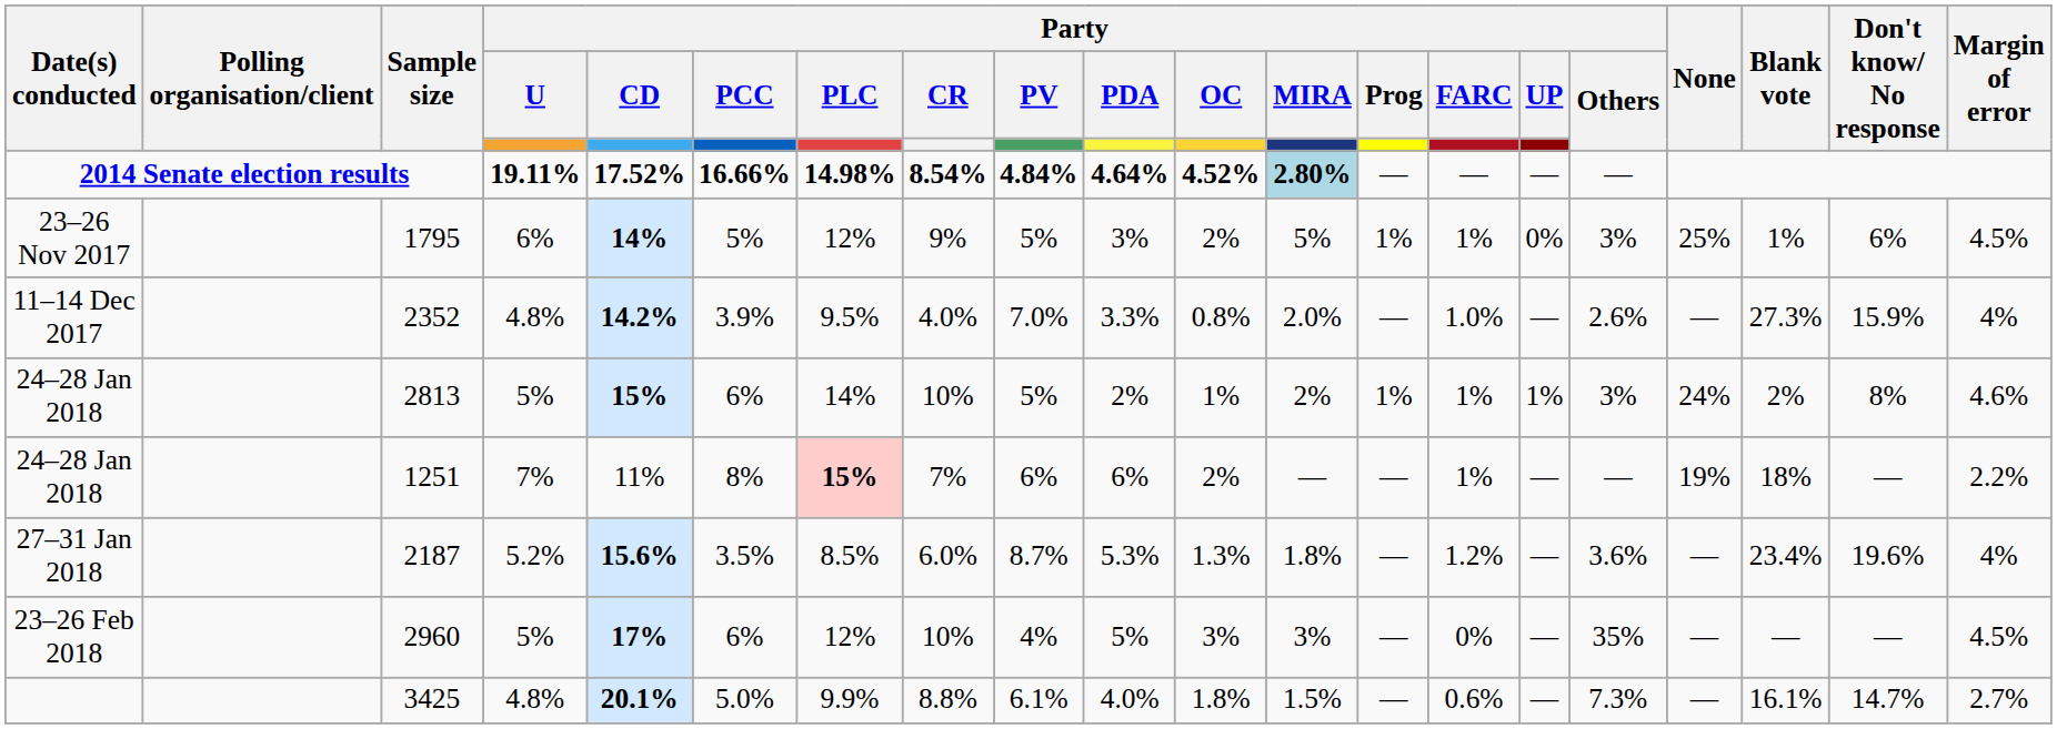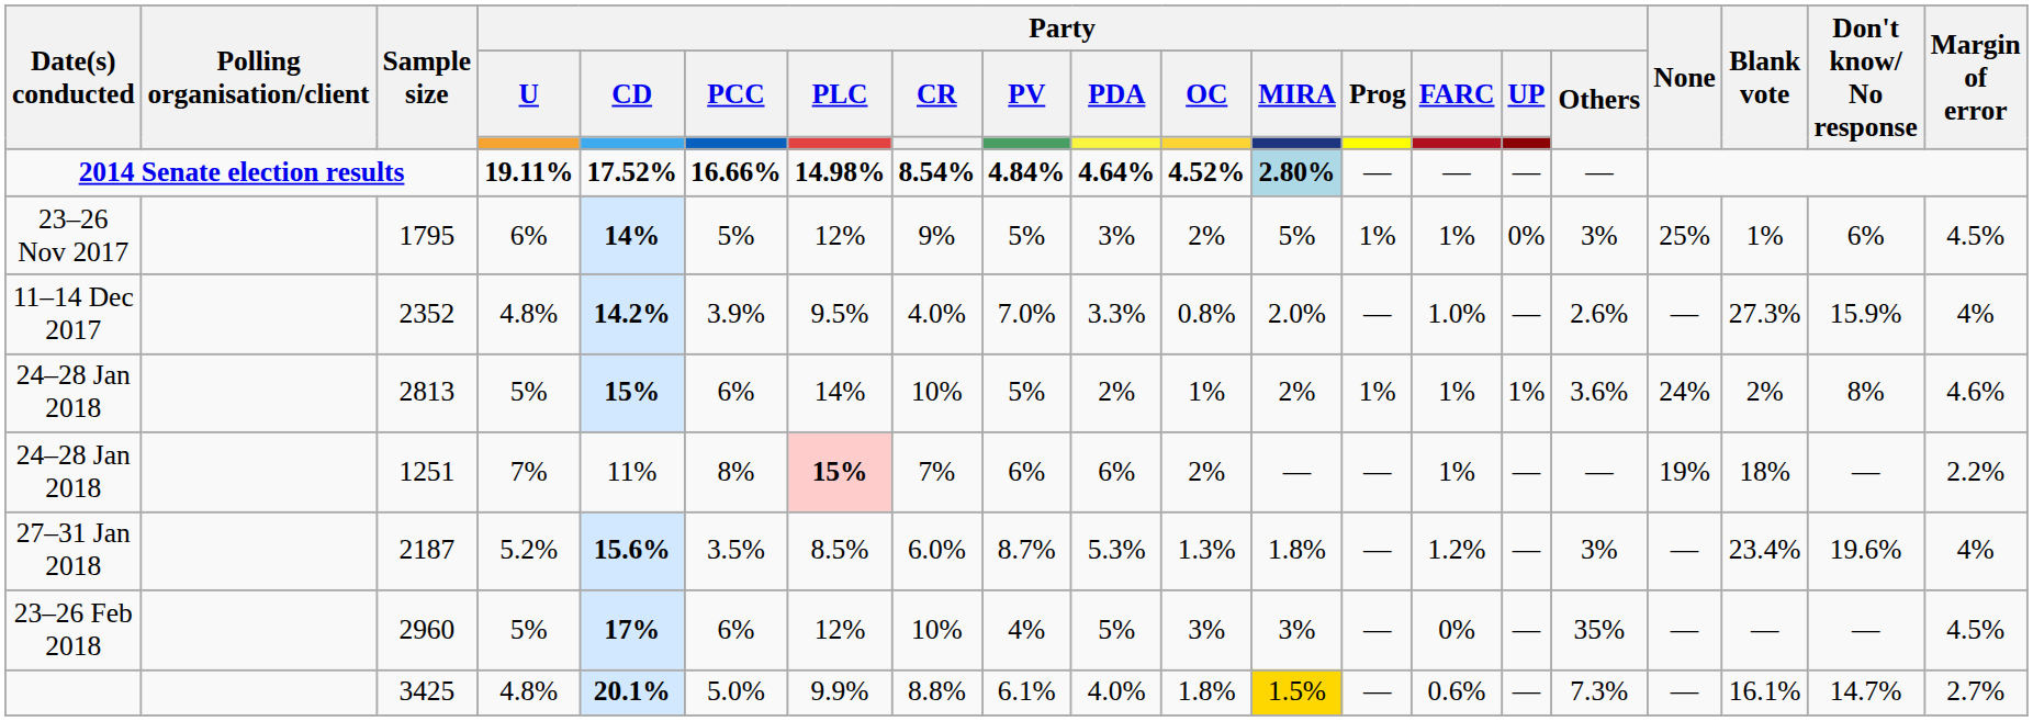 <table class="wikitable" style="text-align:center; font-size:85%">
 <tr>
 <th rowspan=3>Date(s) conducted</th>
 <th rowspan=3>Polling organisation/client</th>
 <th rowspan=3>Sample size</th>
 <th colspan=13>Party</th>
 <th rowspan=3>None</th>
 <th rowspan=3>Blank vote</th>
 <th rowspan=3>Don't know/<br>No response</th>
 <th rowspan=3>Margin of error</th>
 </tr>
 <tr>
 <th width=40><a href='#'>U</a></th>
 <th width=40><a href='#'>CD</a></th>
 <th width=40><a href='#'>PCC</a></th>
 <th width=40><a href='#'>PLC</a></th>
 <th width=40><a href='#'>CR</a></th>
 <th width=40><a href='#'>PV</a></th>
 <th width=40><a href='#'>PDA</a></th>
 <th width=40><a href='#'>OC</a></th>
 <th width=40><a href='#'>MIRA</a></th>
 <th width=40>Prog</th>
 <th width=40><a href='#'>FARC</a></th>
 <th width=40><a href='#'>UP</a></th>
 <th rowspan=2, width=40>Others</th>
 </tr>
 <tr>
 <th style="background:#F5A431; width:50px;"></th>
 <th style="background:#3DABEE; width:50px;"></th>
 <th style="background:#0760BE; width:50px;"></th>
 <th style="background:#E24342; width:50px;"></th>
 <th style="background:"></th>
 <th style="background:#489E63; width:50px;"></th>
 <th style="background:#F8F440; width:50px;"></th>
 <th style="background:#FCD433; width:50px;"></th>
 <th style="background:#1D357F; width:50px;"></th>
 <th style="background:yellow; width:50px;"></th>
 <th style="background:#AF1120; width:50px;"></th>
 <th style="background:#8B0000; width:50px;"></th>
 </tr>
 <tr>
 <td colspan="3"><strong><a href='#'>2014 Senate election results</a></strong></td>
 <td><strong>19.11%</strong></td>
 <td><strong>17.52%</strong></td>
 <td><strong>16.66%</strong></td>
 <td><strong>14.98%</strong></td>
 <td><strong>8.54%</strong></td>
 <td><strong>4.84%</strong></td>
 <td><strong>4.64%</strong></td>
 <td><strong>4.52%</strong></td>
 <td style="background: lightblue;"><strong>2.80%</strong></td>
 <td>—</td>
 <td>—</td>
 <td>—</td>
 <td>—</td>
 <td colspan=4></td>
 </tr>
 <tr>
 <td>23–26 Nov 2017</td>
 <td></td>
 <td>1795</td>
 <td>6%</td>
 <td style="background:#d2e8ff;"><strong>14%</strong></td>
 <td>5%</td>
 <td>12%</td>
 <td>9%</td>
 <td>5%</td>
 <td>3%</td>
 <td>2%</td>
 <td>5%</td>
 <td>1%</td>
 <td>1%</td>
 <td>0%</td>
 <td>3%</td>
 <td>25%</td>
 <td>1%</td>
 <td>6%</td>
 <td>4.5%</td>
 </tr>
 <tr>
 <td>11–14 Dec 2017</td>
 <td></td>
 <td>2352</td>
 <td>4.8%</td>
 <td style="background:#d2e8ff;"><strong>14.2%</strong></td>
 <td>3.9%</td>
 <td>9.5%</td>
 <td>4.0%</td>
 <td>7.0%</td>
 <td>3.3%</td>
 <td>0.8%</td>
 <td>2.0%</td>
 <td>—</td>
 <td>1.0%</td>
 <td>—</td>
 <td>2.6%</td>
 <td>—</td>
 <td>27.3%</td>
 <td>15.9%</td>
 <td>4%</td>
 </tr>
 <tr>
 <td>24–28 Jan 2018</td>
 <td></td>
 <td>2813</td>
 <td>5%</td>
 <td style="background:#d2e8ff;"><strong>15%</strong></td>
 <td>6%</td>
 <td>14%</td>
 <td>10%</td>
 <td>5%</td>
 <td>2%</td>
 <td>1%</td>
 <td>2%</td>
 <td>1%</td>
 <td>1%</td>
 <td>1%</td>
-<td>3%</td>
+<td>3.6%</td>
 <td>24%</td>
 <td>2%</td>
 <td>8%</td>
 <td>4.6%</td>
 </tr>
 <tr>
 <td>24–28 Jan 2018</td>
 <td></td>
 <td>1251</td>
 <td>7%</td>
 <td>11%</td>
 <td>8%</td>
 <td style="background:#ffcccc"><strong>15%</strong></td>
 <td>7%</td>
 <td>6%</td>
 <td>6%</td>
 <td>2%</td>
 <td>—</td>
 <td>—</td>
 <td>1%</td>
 <td>—</td>
 <td>—</td>
 <td>19%</td>
 <td>18%</td>
 <td>—</td>
 <td>2.2%</td>
 </tr>
 <tr>
 <td>27–31 Jan 2018</td>
 <td></td>
 <td>2187</td>
 <td>5.2%</td>
 <td style="background:#d2e8ff;"><strong>15.6%</strong></td>
 <td>3.5%</td>
 <td>8.5%</td>
 <td>6.0%</td>
 <td>8.7%</td>
 <td>5.3%</td>
 <td>1.3%</td>
 <td>1.8%</td>
 <td>—</td>
 <td>1.2%</td>
 <td>—</td>
-<td>3.6%</td>
+<td>3%</td>
 <td>—</td>
 <td>23.4%</td>
 <td>19.6%</td>
 <td>4%</td>
 </tr>
 <tr>
 <td>23–26 Feb 2018</td>
 <td></td>
 <td>2960</td>
 <td>5%</td>
 <td style="background:#d2e8ff;"><strong>17%</strong></td>
 <td>6%</td>
 <td>12%</td>
 <td>10%</td>
 <td>4%</td>
 <td>5%</td>
 <td>3%</td>
 <td>3%</td>
 <td>—</td>
 <td>0%</td>
 <td>—</td>
 <td>35%</td>
 <td>—</td>
 <td>—</td>
 <td>—</td>
 <td>4.5%</td>
 </tr>
 <tr>
 <td></td>
 <td></td>
 <td>3425</td>
 <td>4.8%</td>
 <td style="background:#d2e8ff;"><strong>20.1%</strong></td>
 <td>5.0%</td>
 <td>9.9%</td>
 <td>8.8%</td>
 <td>6.1%</td>
 <td>4.0%</td>
 <td>1.8%</td>
-<td>1.5%</td>
+<td style="background: gold;">1.5%</td>
 <td>—</td>
 <td>0.6%</td>
 <td>—</td>
 <td>7.3%</td>
 <td>—</td>
 <td>16.1%</td>
 <td>14.7%</td>
 <td>2.7%</td>
 </tr>
 </table>
